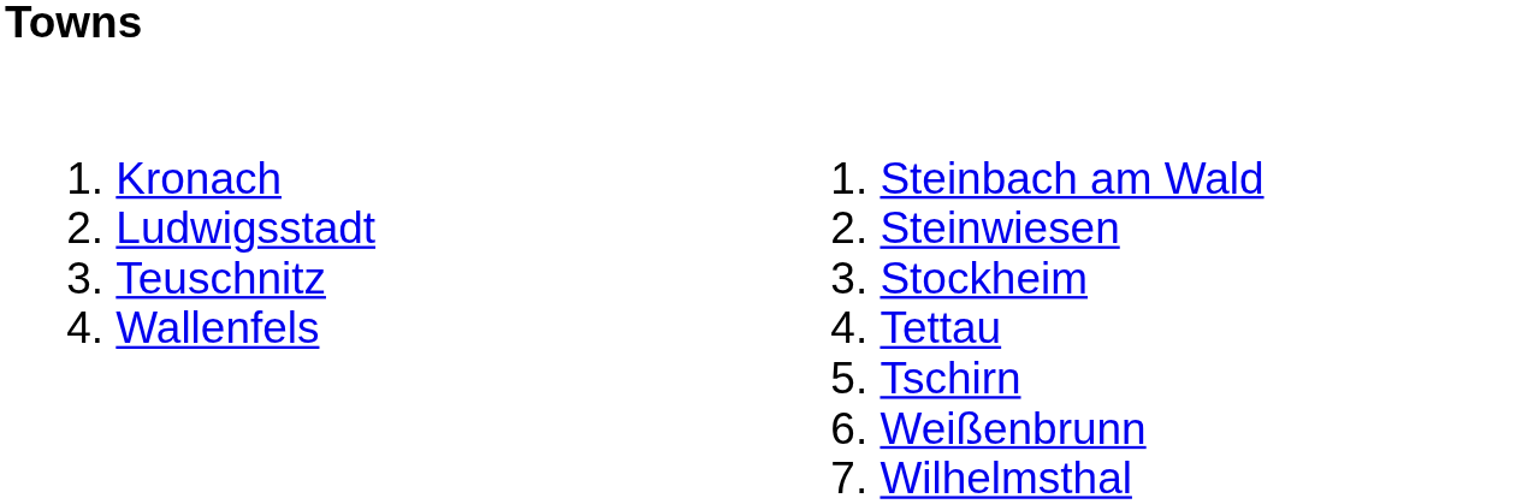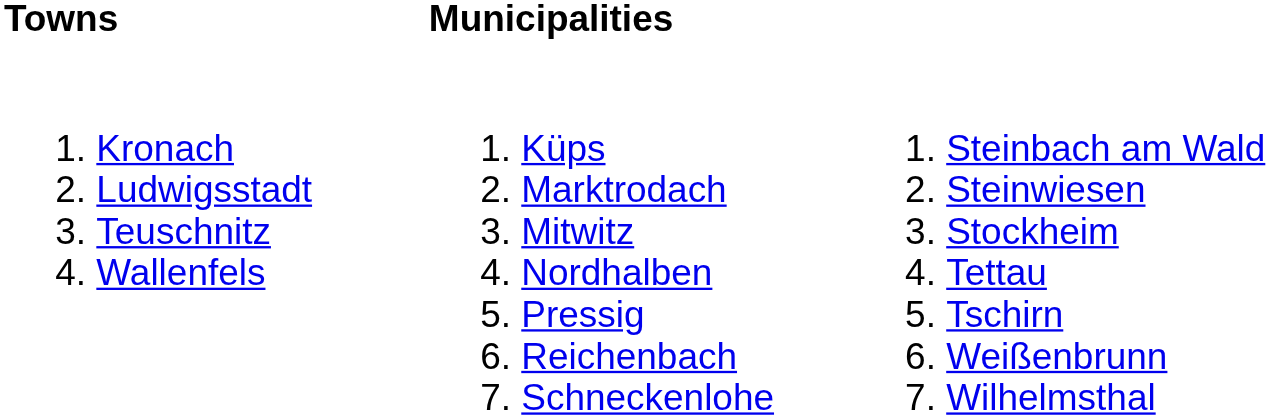 <table>
 <tr>
 <th align=left width=33%>Towns</th>
+<th align=left width=33%>Municipalities</th>
 <th align=left width=33%></th>
 </tr>
 <tr valign=top>
 <td><br><ol><li><a href='#'>Kronach</a></li><li><a href='#'>Ludwigsstadt</a></li><li><a href='#'>Teuschnitz</a></li><li><a href='#'>Wallenfels</a></li></ol></td>
+<td><br><ol><li><a href='#'>Küps</a></li><li><a href='#'>Marktrodach</a></li><li><a href='#'>Mitwitz</a></li><li><a href='#'>Nordhalben</a></li><li><a href='#'>Pressig</a></li><li><a href='#'>Reichenbach</a></li><li><a href='#'>Schneckenlohe</a></li></ol></td>
 <td><br><ol> <li><a href='#'>Steinbach am Wald</a> <li><a href='#'>Steinwiesen</a> <li><a href='#'>Stockheim</a> <li><a href='#'>Tettau</a> <li><a href='#'>Tschirn</a> <li><a href='#'>Weißenbrunn</a> <li><a href='#'>Wilhelmsthal</a> </ol></td>
 </tr>
 </table>
